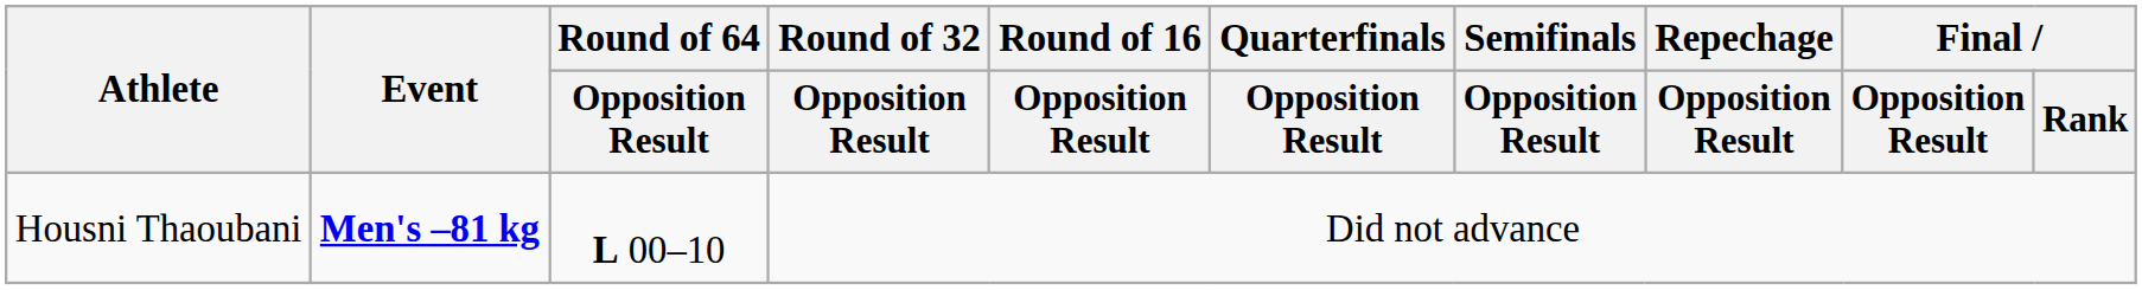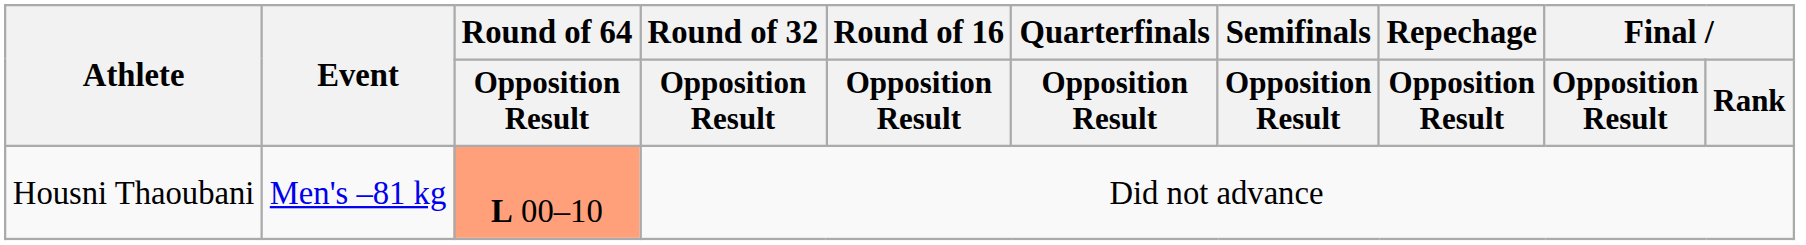 <table class="wikitable" style="font-size:90%">
 <tr>
 <th rowspan="2">Athlete</th>
 <th rowspan="2">Event</th>
 <th>Round of 64</th>
 <th>Round of 32</th>
 <th>Round of 16</th>
 <th>Quarterfinals</th>
 <th>Semifinals</th>
 <th>Repechage</th>
 <th colspan=2>Final / </th>
 </tr>
 <tr style="font-size:95%">
 <th>Opposition<br>Result</th>
 <th>Opposition<br>Result</th>
 <th>Opposition<br>Result</th>
 <th>Opposition<br>Result</th>
 <th>Opposition<br>Result</th>
 <th>Opposition<br>Result</th>
 <th>Opposition<br>Result</th>
 <th>Rank</th>
 </tr>
 <tr align=center>
 <td align=left>Housni Thaoubani</td>
-<td align=left><strong><a href='#'>Men's –81 kg</a></strong></td>
-<td><br><strong>L</strong> 00–10</td>
+<td align=left><a href='#'>Men's –81 kg</a></td>
+<td style="background: lightsalmon;"><br><strong>L</strong> 00–10</td>
 <td colspan=7>Did not advance</td>
 </tr>
 </table>
